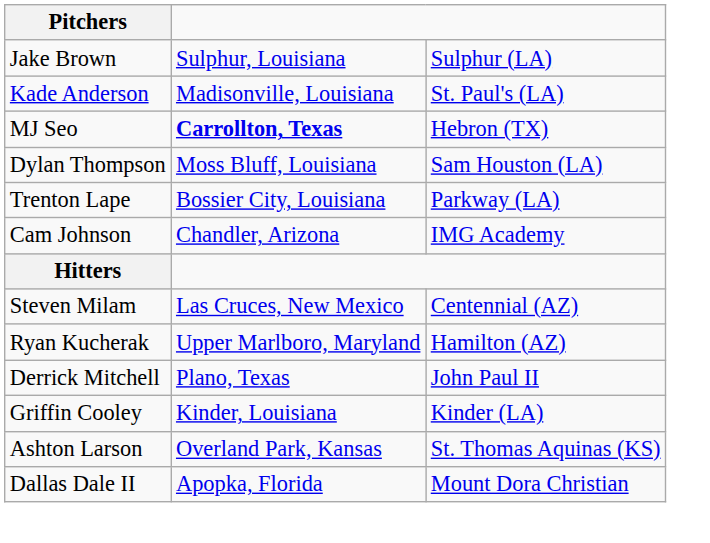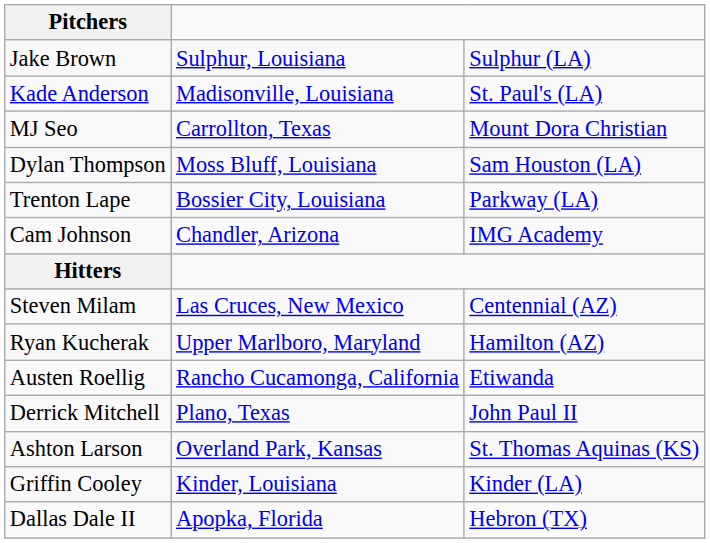 <table class="wikitable">
 <tr>
 <th>Pitchers</th>
 </tr>
 <tr>
 <td>Jake Brown</td>
 <td><a href='#'>Sulphur, Louisiana</a></td>
 <td><a href='#'>Sulphur (LA)</a></td>
 </tr>
 <tr>
 <td><a href='#'>Kade Anderson</a></td>
 <td><a href='#'>Madisonville, Louisiana</a></td>
 <td><a href='#'>St. Paul's (LA)</a></td>
 </tr>
 <tr>
 <td>MJ Seo</td>
-<td><strong><a href='#'>Carrollton, Texas</a></strong></td>
-<td><a href='#'>Hebron (TX)</a></td>
+<td><a href='#'>Carrollton, Texas</a></td>
+<td><a href='#'>Mount Dora Christian</a></td>
 </tr>
 <tr>
 <td>Dylan Thompson</td>
 <td><a href='#'>Moss Bluff, Louisiana</a></td>
 <td><a href='#'>Sam Houston (LA)</a></td>
 </tr>
 <tr>
 <td>Trenton Lape</td>
 <td><a href='#'>Bossier City, Louisiana</a></td>
 <td><a href='#'>Parkway (LA)</a></td>
 </tr>
 <tr>
 <td>Cam Johnson</td>
 <td><a href='#'>Chandler, Arizona</a></td>
 <td><a href='#'>IMG Academy</a></td>
 </tr>
 <tr>
 <th>Hitters</th>
 </tr>
 <tr>
 <td>Steven Milam</td>
 <td><a href='#'>Las Cruces, New Mexico</a></td>
 <td><a href='#'>Centennial (AZ)</a></td>
 </tr>
 <tr>
 <td>Ryan Kucherak</td>
 <td><a href='#'>Upper Marlboro, Maryland</a></td>
 <td><a href='#'>Hamilton (AZ)</a></td>
 </tr>
 <tr>
+<td>Austen Roellig</td>
+<td><a href='#'>Rancho Cucamonga, California</a></td>
+<td><a href='#'>Etiwanda</a></td>
+</tr>
+<tr>
 <td>Derrick Mitchell</td>
 <td><a href='#'>Plano, Texas</a></td>
 <td><a href='#'>John Paul II</a></td>
+</tr>
+<tr>
+<td>Ashton Larson</td>
+<td><a href='#'>Overland Park, Kansas</a></td>
+<td><a href='#'>St. Thomas Aquinas (KS)</a></td>
 </tr>
 <tr>
 <td>Griffin Cooley</td>
 <td><a href='#'>Kinder, Louisiana</a></td>
 <td><a href='#'>Kinder (LA)</a></td>
 </tr>
 <tr>
-<td>Ashton Larson</td>
-<td><a href='#'>Overland Park, Kansas</a></td>
-<td><a href='#'>St. Thomas Aquinas (KS)</a></td>
-</tr>
-<tr>
 <td>Dallas Dale II</td>
 <td><a href='#'>Apopka, Florida</a></td>
-<td><a href='#'>Mount Dora Christian</a></td>
+<td><a href='#'>Hebron (TX)</a></td>
 </tr>
 </table>
